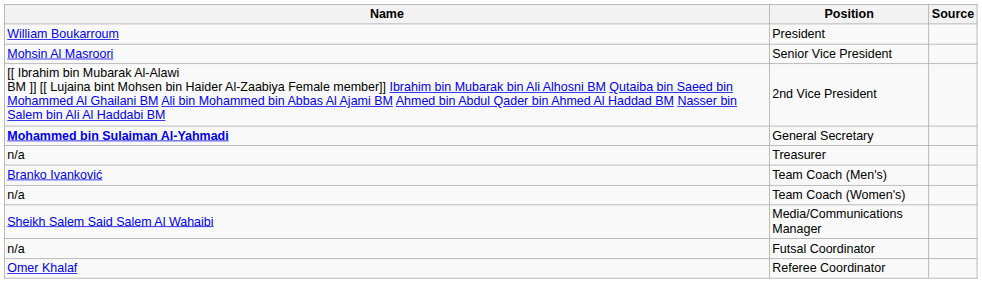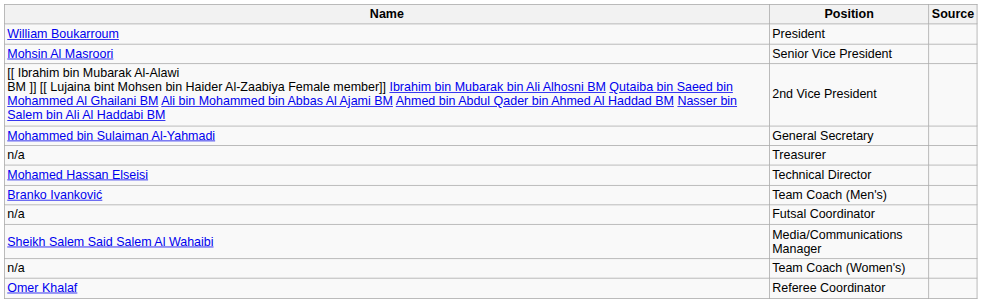 <table class="wikitable">
 <tr>
 <th>Name</th>
 <th>Position</th>
 <th>Source</th>
 </tr>
 <tr>
 <td><a href='#'>William Boukarroum</a></td>
 <td>President</td>
 <td></td>
 </tr>
 <tr>
 <td> <a href='#'>Mohsin Al Masroori</a></td>
 <td>Senior Vice President</td>
 <td></td>
 </tr>
 <tr>
 <td> [[ Ibrahim bin Mubarak Al-Alawi<br>BM ]]  [[ Lujaina bint Mohsen bin Haider Al-Zaabiya Female member]] <a href='#'>Ibrahim bin Mubarak bin Ali Alhosni BM</a> <a href='#'>Qutaiba bin Saeed bin Mohammed Al Ghailani BM</a> <a href='#'>Ali bin Mohammed bin Abbas Al Ajami BM</a> <a href='#'>Ahmed bin Abdul Qader bin Ahmed Al Haddad BM</a> <a href='#'>Nasser bin Salem bin Ali Al Haddabi BM</a></td>
 <td>2nd Vice President</td>
 <td></td>
 </tr>
 <tr>
-<td><strong> <a href='#'>Mohammed bin Sulaiman Al-Yahmadi</a></strong></td>
+<td> <a href='#'>Mohammed bin Sulaiman Al-Yahmadi</a></td>
 <td>General Secretary</td>
 <td></td>
 </tr>
 <tr>
 <td>n/a</td>
 <td>Treasurer</td>
 <td></td>
 </tr>
 <tr>
+<td> <a href='#'>Mohamed Hassan Elseisi</a></td>
+<td>Technical Director</td>
+<td></td>
+</tr>
+<tr>
 <td> <a href='#'>Branko Ivanković</a></td>
 <td>Team Coach (Men's)</td>
 <td></td>
 </tr>
 <tr>
 <td>n/a</td>
-<td>Team Coach (Women's)</td>
+<td>Futsal Coordinator</td>
 <td></td>
 </tr>
 <tr>
 <td> <a href='#'>Sheikh Salem Said Salem Al Wahaibi</a></td>
 <td>Media/Communications Manager</td>
 <td></td>
 </tr>
 <tr>
 <td>n/a</td>
-<td>Futsal Coordinator</td>
+<td>Team Coach (Women's)</td>
 <td></td>
 </tr>
 <tr>
 <td><a href='#'>Omer Khalaf</a></td>
 <td>Referee Coordinator</td>
 <td></td>
 </tr>
 </table>
